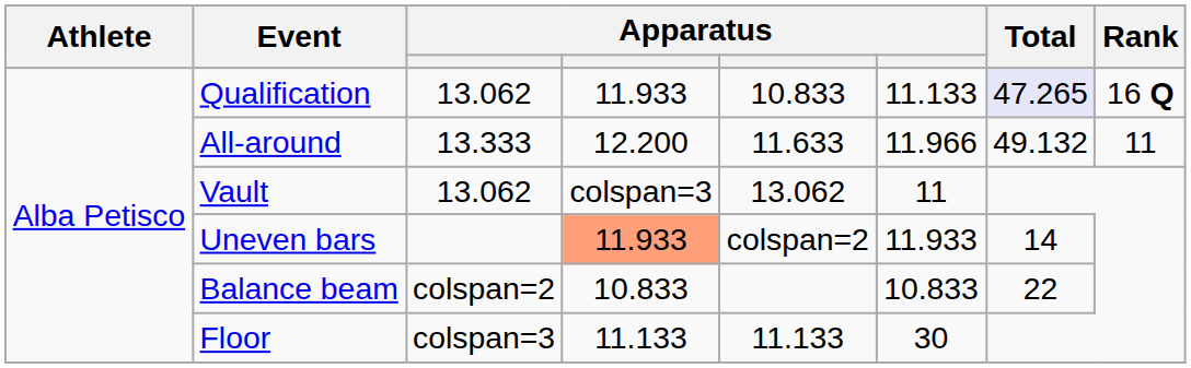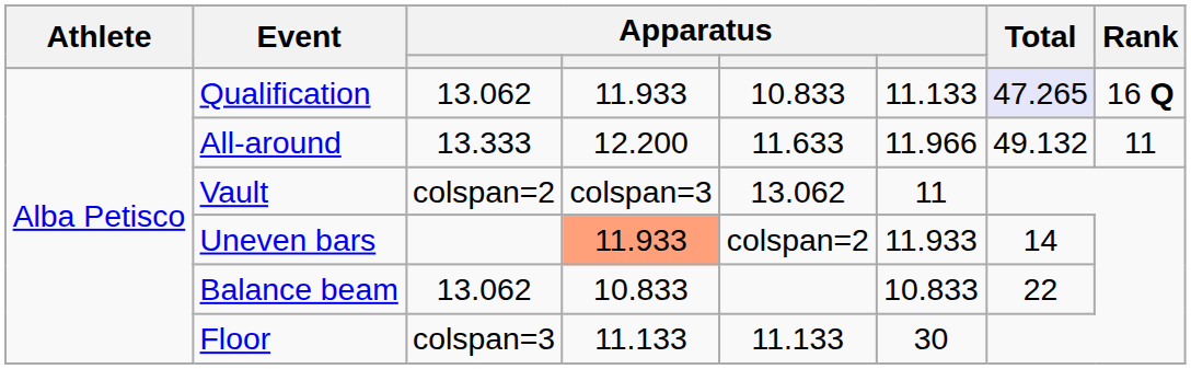 <table class="wikitable" style="font-size:90%">
 <tr>
 <th rowspan=2>Athlete</th>
 <th rowspan=2>Event</th>
 <th colspan=4>Apparatus</th>
 <th rowspan=2>Total</th>
 <th rowspan=2>Rank</th>
 </tr>
 <tr style="font-size:95%">
 <th></th>
 <th></th>
 <th></th>
 <th></th>
 </tr>
 <tr align=center>
 <td rowspan="9" align="left"><a href='#'>Alba Petisco</a></td>
 <td align=left><a href='#'>Qualification</a></td>
 <td>13.062</td>
 <td>11.933</td>
 <td>10.833</td>
 <td>11.133</td>
 <td style="background: lavender;">47.265</td>
 <td>16 <strong>Q</strong></td>
 </tr>
 <tr align=center>
 <td align=left><a href='#'>All-around</a></td>
 <td>13.333</td>
 <td>12.200</td>
 <td>11.633</td>
 <td>11.966</td>
 <td>49.132</td>
 <td>11</td>
 </tr>
 <tr align=center>
 <td align=left><a href='#'>Vault</a></td>
-<td>13.062</td>
+<td>colspan=2 </td>
 <td>colspan=3 </td>
 <td>13.062</td>
 <td>11</td>
 </tr>
 <tr align=center>
 <td align=left><a href='#'>Uneven bars</a></td>
 <td></td>
 <td style="background: lightsalmon;">11.933</td>
 <td>colspan=2 </td>
 <td>11.933</td>
 <td>14</td>
 </tr>
 <tr align=center>
 <td align=left><a href='#'>Balance beam</a></td>
-<td>colspan=2 </td>
+<td>13.062</td>
 <td>10.833</td>
 <td></td>
 <td>10.833</td>
 <td>22</td>
 </tr>
 <tr align=center>
 <td align="left"><a href='#'>Floor</a></td>
 <td>colspan=3 </td>
 <td>11.133</td>
 <td>11.133</td>
 <td>30</td>
 </tr>
 </table>
